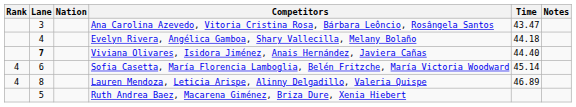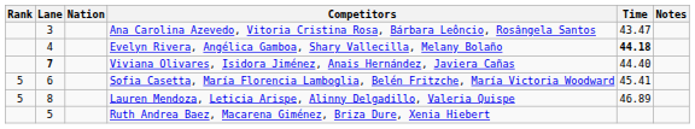 <table class="wikitable sortable" style="text-align:center">
 <tr>
 <th>Rank</th>
 <th>Lane</th>
 <th>Nation</th>
 <th>Competitors</th>
 <th>Time</th>
 <th>Notes</th>
 </tr>
 <tr>
 <td></td>
 <td>3</td>
 <td align=left></td>
 <td align=left><a href='#'>Ana Carolina Azevedo</a>, <a href='#'>Vitoria Cristina Rosa</a>, <a href='#'>Bárbara Leôncio</a>, <a href='#'>Rosângela Santos</a></td>
 <td>43.47</td>
 <td></td>
 </tr>
 <tr>
 <td></td>
 <td>4</td>
 <td align=left></td>
 <td align=left><a href='#'>Evelyn Rivera</a>, <a href='#'>Angélica Gamboa</a>, <a href='#'>Shary Vallecilla</a>, <a href='#'>Melany Bolaño</a></td>
-<td>44.18</td>
+<td><strong>44.18</strong></td>
 <td></td>
 </tr>
 <tr>
 <td></td>
 <td><strong>7</strong></td>
 <td align=left></td>
 <td align=left><a href='#'>Viviana Olivares</a>, <a href='#'>Isidora Jiménez</a>, <a href='#'>Anais Hernández</a>, <a href='#'>Javiera Cañas</a></td>
 <td>44.40</td>
 <td></td>
 </tr>
 <tr>
-<td>4</td>
+<td>5</td>
 <td>6</td>
 <td align=left></td>
 <td align=left><a href='#'>Sofia Casetta</a>, <a href='#'>María Florencia Lamboglia</a>, <a href='#'>Belén Fritzche</a>, <a href='#'>María Victoria Woodward</a></td>
-<td>45.14</td>
+<td>45.41</td>
 <td></td>
 </tr>
 <tr>
-<td>4</td>
+<td>5</td>
 <td>8</td>
 <td align=left></td>
 <td align=left><a href='#'>Lauren Mendoza</a>, <a href='#'>Leticia Arispe</a>, <a href='#'>Alinny Delgadillo</a>, <a href='#'>Valeria Quispe</a></td>
 <td>46.89</td>
 <td></td>
 </tr>
 <tr>
 <td></td>
 <td>5</td>
 <td align=left></td>
 <td align=left><a href='#'>Ruth Andrea Baez</a>, <a href='#'>Macarena Giménez</a>, <a href='#'>Briza Dure</a>, <a href='#'>Xenia Hiebert</a></td>
 <td></td>
 <td></td>
 </tr>
 </table>
